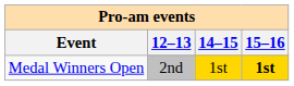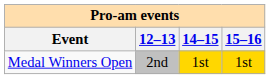 <table class="wikitable" style="text-align:center">
 <tr>
 <th style="background-color: #ffdead; " colspan=4 align=center>Pro-am events</th>
 </tr>
 <tr>
 <th>Event</th>
 <th><a href='#'>12–13</a></th>
 <th><a href='#'>14–15</a></th>
 <th><a href='#'>15–16</a></th>
 </tr>
 <tr>
 <td align=left><a href='#'>Medal Winners Open</a></td>
 <td bgcolor=silver>2nd</td>
 <td bgcolor=gold>1st</td>
-<td bgcolor=gold><strong>1st</strong></td>
+<td bgcolor=gold>1st</td>
 </tr>
 </table>
